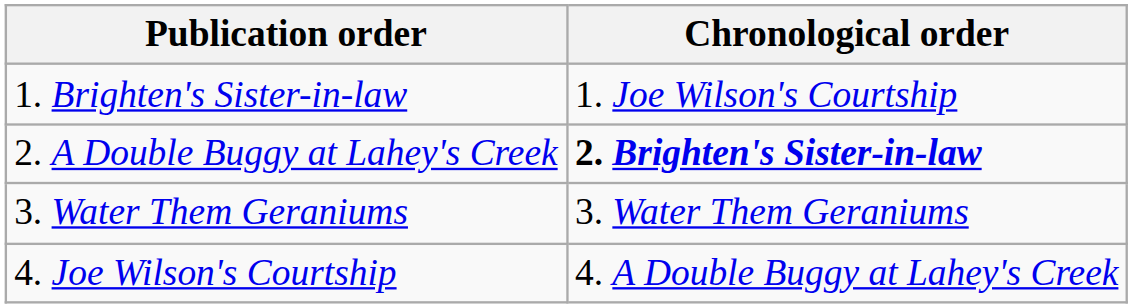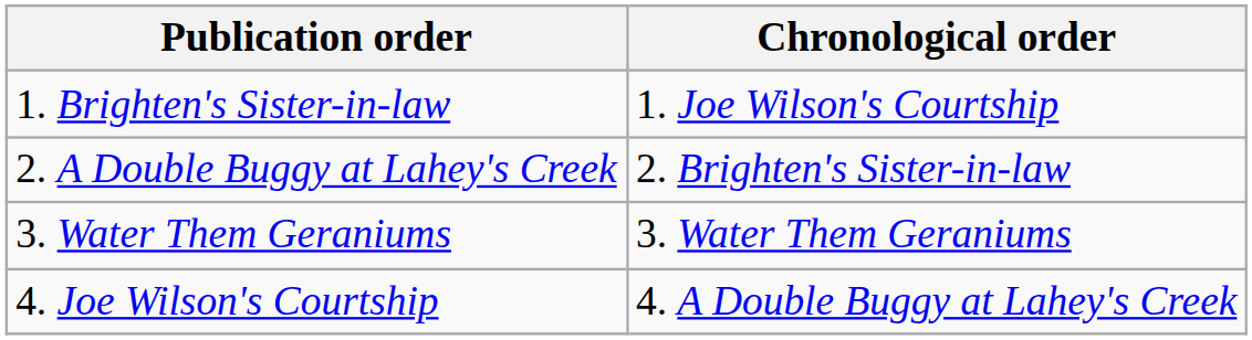 <table class="wikitable" style="margin:auto;">
 <tr>
 <th>Publication order</th>
 <th>Chronological order</th>
 </tr>
 <tr>
 <td>1. <em><a href='#'>Brighten's Sister-in-law</a></em>   </td>
 <td>1. <em><a href='#'>Joe Wilson's Courtship</a></em></td>
 </tr>
 <tr>
 <td>2. <em><a href='#'>A Double Buggy at Lahey's Creek</a></em></td>
-<td><strong>2. <em><a href='#'>Brighten's Sister-in-law</a></em>   </strong></td>
+<td>2. <em><a href='#'>Brighten's Sister-in-law</a></em>   </td>
 </tr>
 <tr>
 <td>3. <em><a href='#'>Water Them Geraniums</a></em>   </td>
 <td>3. <em><a href='#'>Water Them Geraniums</a></em></td>
 </tr>
 <tr>
 <td>4. <em><a href='#'>Joe Wilson's Courtship</a></em></td>
 <td>4. <em><a href='#'>A Double Buggy at Lahey's Creek</a></em></td>
 </tr>
 </table>
